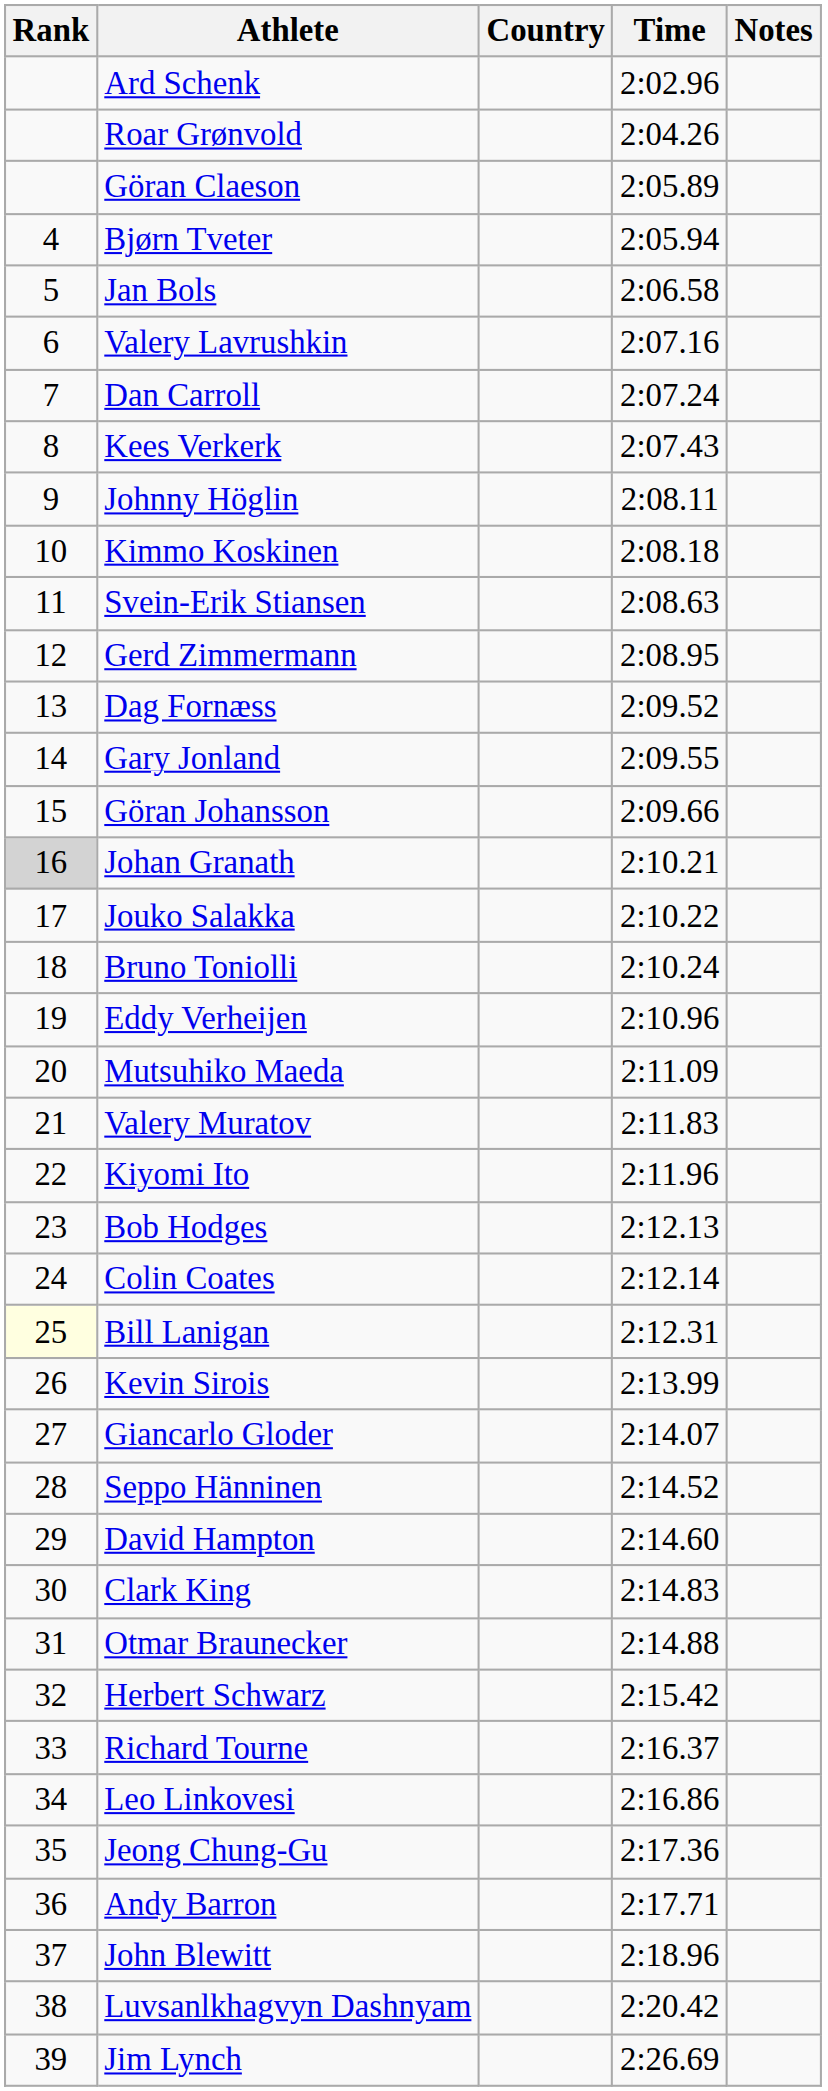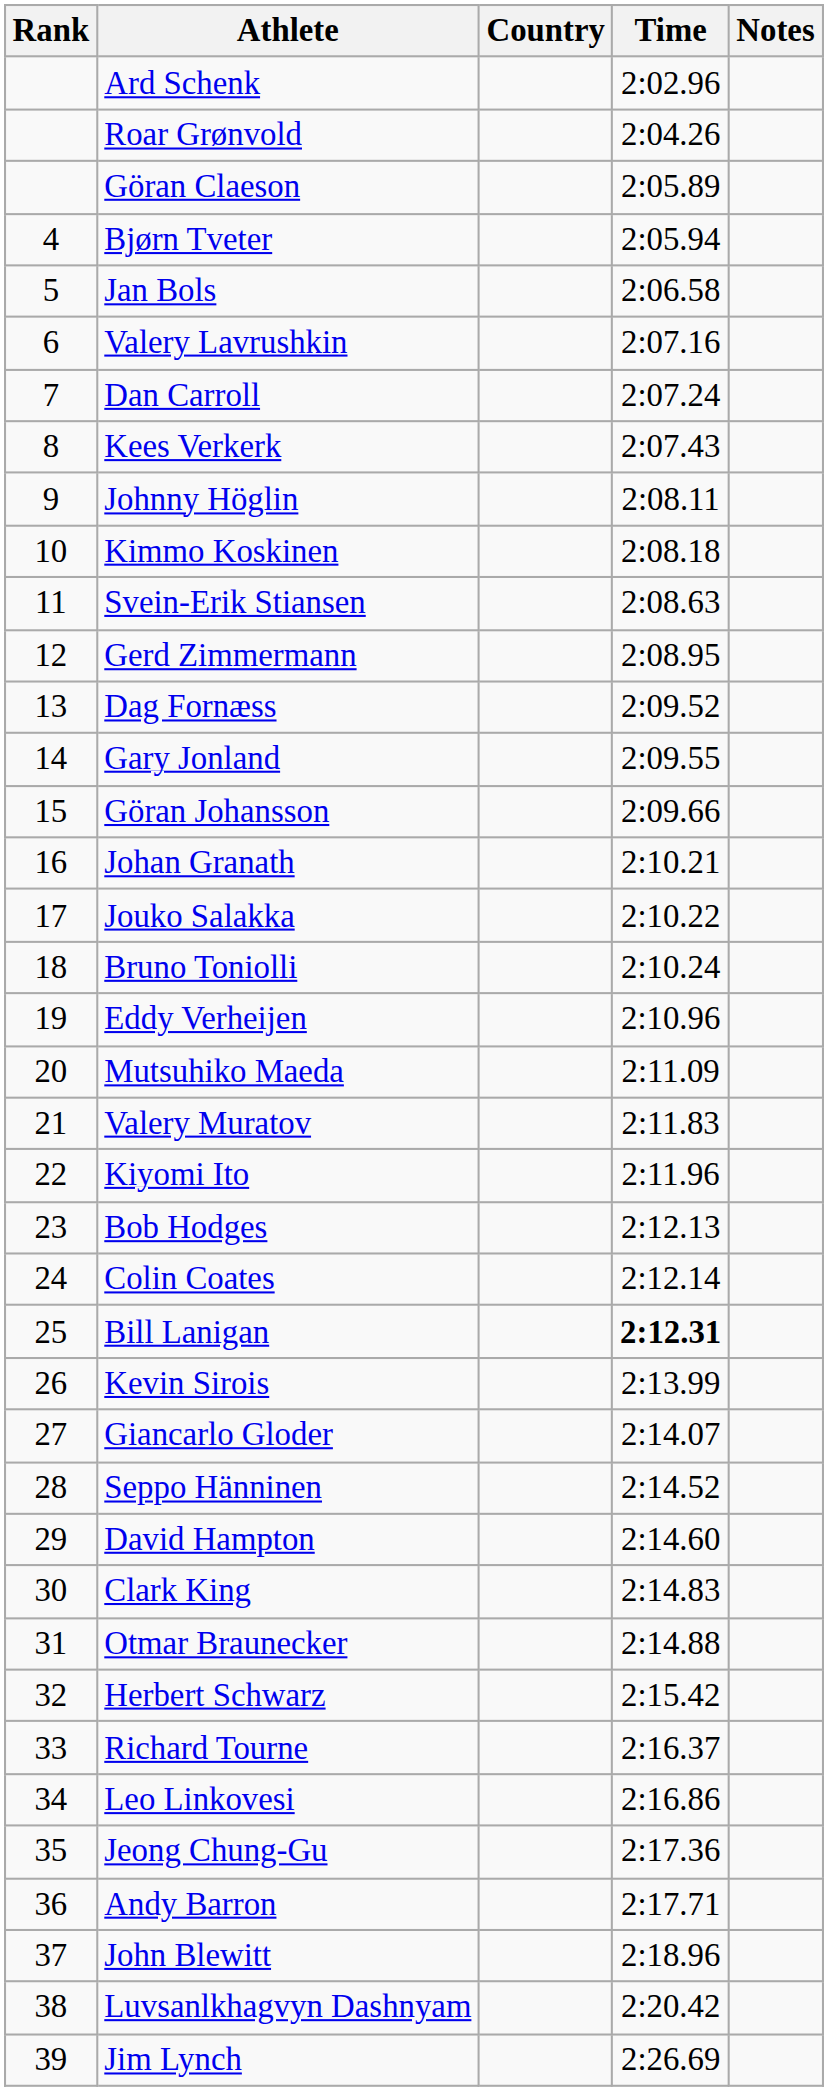 <table class="wikitable sortable" style="text-align:center">
 <tr>
 <th>Rank</th>
 <th>Athlete</th>
 <th>Country</th>
 <th>Time</th>
 <th>Notes</th>
 </tr>
 <tr>
 <td></td>
 <td align=left><a href='#'>Ard Schenk</a></td>
 <td align=left></td>
 <td>2:02.96</td>
 <td></td>
 </tr>
 <tr>
 <td></td>
 <td align=left><a href='#'>Roar Grønvold</a></td>
 <td align=left></td>
 <td>2:04.26</td>
 <td></td>
 </tr>
 <tr>
 <td></td>
 <td align=left><a href='#'>Göran Claeson</a></td>
 <td align=left></td>
 <td>2:05.89</td>
 <td></td>
 </tr>
 <tr>
 <td>4</td>
 <td align=left><a href='#'>Bjørn Tveter</a></td>
 <td align=left></td>
 <td>2:05.94</td>
 <td></td>
 </tr>
 <tr>
 <td>5</td>
 <td align=left><a href='#'>Jan Bols</a></td>
 <td align=left></td>
 <td>2:06.58</td>
 <td></td>
 </tr>
 <tr>
 <td>6</td>
 <td align=left><a href='#'>Valery Lavrushkin</a></td>
 <td align=left></td>
 <td>2:07.16</td>
 <td></td>
 </tr>
 <tr>
 <td>7</td>
 <td align=left><a href='#'>Dan Carroll</a></td>
 <td align=left></td>
 <td>2:07.24</td>
 <td></td>
 </tr>
 <tr>
 <td>8</td>
 <td align=left><a href='#'>Kees Verkerk</a></td>
 <td align=left></td>
 <td>2:07.43</td>
 <td></td>
 </tr>
 <tr>
 <td>9</td>
 <td align=left><a href='#'>Johnny Höglin</a></td>
 <td align=left></td>
 <td>2:08.11</td>
 <td></td>
 </tr>
 <tr>
 <td>10</td>
 <td align=left><a href='#'>Kimmo Koskinen</a></td>
 <td align=left></td>
 <td>2:08.18</td>
 <td></td>
 </tr>
 <tr>
 <td>11</td>
 <td align=left><a href='#'>Svein-Erik Stiansen</a></td>
 <td align=left></td>
 <td>2:08.63</td>
 <td></td>
 </tr>
 <tr>
 <td>12</td>
 <td align=left><a href='#'>Gerd Zimmermann</a></td>
 <td align=left></td>
 <td>2:08.95</td>
 <td></td>
 </tr>
 <tr>
 <td>13</td>
 <td align=left><a href='#'>Dag Fornæss</a></td>
 <td align=left></td>
 <td>2:09.52</td>
 <td></td>
 </tr>
 <tr>
 <td>14</td>
 <td align=left><a href='#'>Gary Jonland</a></td>
 <td align=left></td>
 <td>2:09.55</td>
 <td></td>
 </tr>
 <tr>
 <td>15</td>
 <td align=left><a href='#'>Göran Johansson</a></td>
 <td align=left></td>
 <td>2:09.66</td>
 <td></td>
 </tr>
 <tr>
-<td style="background: lightgrey;">16</td>
+<td>16</td>
 <td align=left><a href='#'>Johan Granath</a></td>
 <td align=left></td>
 <td>2:10.21</td>
 <td></td>
 </tr>
 <tr>
 <td>17</td>
 <td align=left><a href='#'>Jouko Salakka</a></td>
 <td align=left></td>
 <td>2:10.22</td>
 <td></td>
 </tr>
 <tr>
 <td>18</td>
 <td align=left><a href='#'>Bruno Toniolli</a></td>
 <td align=left></td>
 <td>2:10.24</td>
 <td></td>
 </tr>
 <tr>
 <td>19</td>
 <td align=left><a href='#'>Eddy Verheijen</a></td>
 <td align=left></td>
 <td>2:10.96</td>
 <td></td>
 </tr>
 <tr>
 <td>20</td>
 <td align=left><a href='#'>Mutsuhiko Maeda</a></td>
 <td align=left></td>
 <td>2:11.09</td>
 <td></td>
 </tr>
 <tr>
 <td>21</td>
 <td align=left><a href='#'>Valery Muratov</a></td>
 <td align=left></td>
 <td>2:11.83</td>
 <td></td>
 </tr>
 <tr>
 <td>22</td>
 <td align=left><a href='#'>Kiyomi Ito</a></td>
 <td align=left></td>
 <td>2:11.96</td>
 <td></td>
 </tr>
 <tr>
 <td>23</td>
 <td align=left><a href='#'>Bob Hodges</a></td>
 <td align=left></td>
 <td>2:12.13</td>
 <td></td>
 </tr>
 <tr>
 <td>24</td>
 <td align=left><a href='#'>Colin Coates</a></td>
 <td align=left></td>
 <td>2:12.14</td>
 <td></td>
 </tr>
 <tr>
-<td style="background: lightyellow;">25</td>
+<td>25</td>
 <td align=left><a href='#'>Bill Lanigan</a></td>
 <td align=left></td>
-<td>2:12.31</td>
+<td><strong>2:12.31</strong></td>
 <td></td>
 </tr>
 <tr>
 <td>26</td>
 <td align=left><a href='#'>Kevin Sirois</a></td>
 <td align=left></td>
 <td>2:13.99</td>
 <td></td>
 </tr>
 <tr>
 <td>27</td>
 <td align=left><a href='#'>Giancarlo Gloder</a></td>
 <td align=left></td>
 <td>2:14.07</td>
 <td></td>
 </tr>
 <tr>
 <td>28</td>
 <td align=left><a href='#'>Seppo Hänninen</a></td>
 <td align=left></td>
 <td>2:14.52</td>
 <td></td>
 </tr>
 <tr>
 <td>29</td>
 <td align=left><a href='#'>David Hampton</a></td>
 <td align=left></td>
 <td>2:14.60</td>
 <td></td>
 </tr>
 <tr>
 <td>30</td>
 <td align=left><a href='#'>Clark King</a></td>
 <td align=left></td>
 <td>2:14.83</td>
 <td></td>
 </tr>
 <tr>
 <td>31</td>
 <td align=left><a href='#'>Otmar Braunecker</a></td>
 <td align=left></td>
 <td>2:14.88</td>
 <td></td>
 </tr>
 <tr>
 <td>32</td>
 <td align=left><a href='#'>Herbert Schwarz</a></td>
 <td align=left></td>
 <td>2:15.42</td>
 <td></td>
 </tr>
 <tr>
 <td>33</td>
 <td align=left><a href='#'>Richard Tourne</a></td>
 <td align=left></td>
 <td>2:16.37</td>
 <td></td>
 </tr>
 <tr>
 <td>34</td>
 <td align=left><a href='#'>Leo Linkovesi</a></td>
 <td align=left></td>
 <td>2:16.86</td>
 <td></td>
 </tr>
 <tr>
 <td>35</td>
 <td align=left><a href='#'>Jeong Chung-Gu</a></td>
 <td align=left></td>
 <td>2:17.36</td>
 </tr>
 <tr>
 <td>36</td>
 <td align=left><a href='#'>Andy Barron</a></td>
 <td align=left></td>
 <td>2:17.71</td>
 <td></td>
 </tr>
 <tr>
 <td>37</td>
 <td align=left><a href='#'>John Blewitt</a></td>
 <td align=left></td>
 <td>2:18.96</td>
 <td></td>
 </tr>
 <tr>
 <td>38</td>
 <td align=left><a href='#'>Luvsanlkhagvyn Dashnyam</a></td>
 <td align=left></td>
 <td>2:20.42</td>
 <td></td>
 </tr>
 <tr>
 <td>39</td>
 <td align=left><a href='#'>Jim Lynch</a></td>
 <td align=left></td>
 <td>2:26.69</td>
 <td></td>
 </tr>
 </table>
